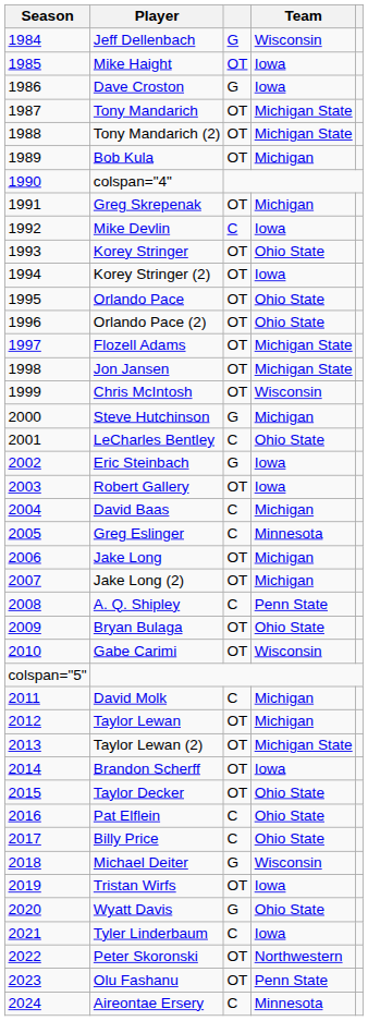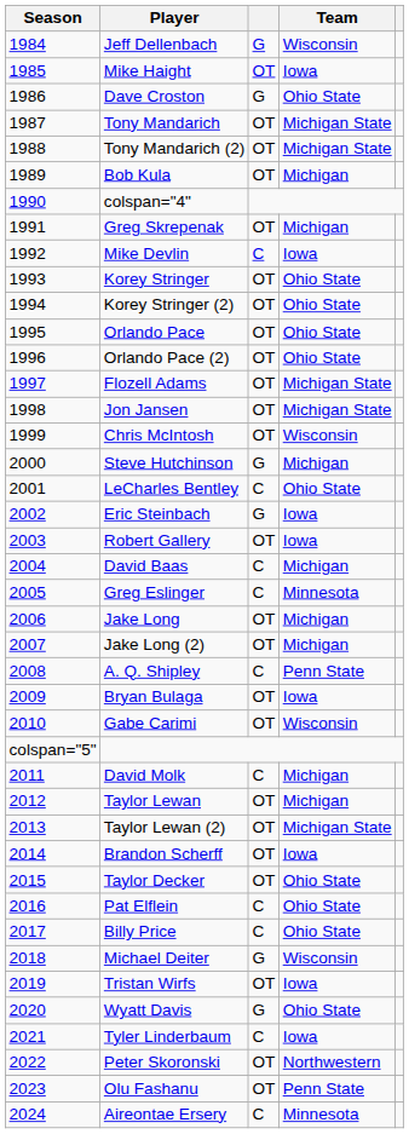 <table class="wikitable sortable">
 <tr>
 <th>Season</th>
 <th>Player</th>
 <th></th>
 <th>Team</th>
 <th></th>
 </tr>
 <tr>
 <td><a href='#'>1984</a></td>
 <td><a href='#'>Jeff Dellenbach</a></td>
 <td><a href='#'>G</a></td>
 <td><a href='#'>Wisconsin</a></td>
 <td></td>
 </tr>
 <tr>
 <td><a href='#'>1985</a></td>
 <td><a href='#'>Mike Haight</a></td>
 <td><a href='#'>OT</a></td>
 <td><a href='#'>Iowa</a></td>
 <td></td>
 </tr>
 <tr>
 <td>1986</td>
 <td><a href='#'>Dave Croston</a></td>
 <td>G</td>
-<td><a href='#'>Iowa</a></td>
+<td><a href='#'>Ohio State</a></td>
 <td></td>
 </tr>
 <tr>
 <td>1987</td>
 <td><a href='#'>Tony Mandarich</a></td>
 <td>OT</td>
 <td><a href='#'>Michigan State</a></td>
 <td></td>
 </tr>
 <tr>
 <td>1988</td>
 <td>Tony Mandarich (2)</td>
 <td>OT</td>
 <td><a href='#'>Michigan State</a></td>
 <td></td>
 </tr>
 <tr>
 <td>1989</td>
 <td><a href='#'>Bob Kula</a></td>
 <td>OT</td>
 <td><a href='#'>Michigan</a></td>
 <td></td>
 </tr>
 <tr>
 <td><a href='#'>1990</a></td>
 <td>colspan="4" </td>
 </tr>
 <tr>
 <td>1991</td>
 <td><a href='#'>Greg Skrepenak</a></td>
 <td>OT</td>
 <td><a href='#'>Michigan</a></td>
 <td></td>
 </tr>
 <tr>
 <td>1992</td>
 <td><a href='#'>Mike Devlin</a></td>
 <td><a href='#'>C</a></td>
 <td><a href='#'>Iowa</a></td>
 <td></td>
 </tr>
 <tr>
 <td>1993</td>
 <td><a href='#'>Korey Stringer</a></td>
 <td>OT</td>
 <td><a href='#'>Ohio State</a></td>
 <td></td>
 </tr>
 <tr>
 <td>1994</td>
 <td>Korey Stringer (2)</td>
 <td>OT</td>
-<td><a href='#'>Iowa</a></td>
+<td><a href='#'>Ohio State</a></td>
 <td></td>
 </tr>
 <tr>
 <td>1995</td>
 <td><a href='#'>Orlando Pace</a></td>
 <td>OT</td>
 <td><a href='#'>Ohio State</a></td>
 <td></td>
 </tr>
 <tr>
 <td>1996</td>
 <td>Orlando Pace (2)</td>
 <td>OT</td>
 <td><a href='#'>Ohio State</a></td>
 <td></td>
 </tr>
 <tr>
 <td><a href='#'>1997</a></td>
 <td><a href='#'>Flozell Adams</a></td>
 <td>OT</td>
 <td><a href='#'>Michigan State</a></td>
 <td></td>
 </tr>
 <tr>
 <td>1998</td>
 <td><a href='#'>Jon Jansen</a></td>
 <td>OT</td>
 <td><a href='#'>Michigan State</a></td>
 <td></td>
 </tr>
 <tr>
 <td>1999</td>
 <td><a href='#'>Chris McIntosh</a></td>
 <td>OT</td>
 <td><a href='#'>Wisconsin</a></td>
 <td></td>
 </tr>
 <tr>
 <td>2000</td>
 <td><a href='#'>Steve Hutchinson</a></td>
 <td>G</td>
 <td><a href='#'>Michigan</a></td>
 <td></td>
 </tr>
 <tr>
 <td>2001</td>
 <td><a href='#'>LeCharles Bentley</a></td>
 <td>C</td>
 <td><a href='#'>Ohio State</a></td>
 <td></td>
 </tr>
 <tr>
 <td><a href='#'>2002</a></td>
 <td><a href='#'>Eric Steinbach</a></td>
 <td>G</td>
 <td><a href='#'>Iowa</a></td>
 <td></td>
 </tr>
 <tr>
 <td><a href='#'>2003</a></td>
 <td><a href='#'>Robert Gallery</a></td>
 <td>OT</td>
 <td><a href='#'>Iowa</a></td>
 <td></td>
 </tr>
 <tr>
 <td><a href='#'>2004</a></td>
 <td><a href='#'>David Baas</a></td>
 <td>C</td>
 <td><a href='#'>Michigan</a></td>
 <td></td>
 </tr>
 <tr>
 <td><a href='#'>2005</a></td>
 <td><a href='#'>Greg Eslinger</a></td>
 <td>C</td>
 <td><a href='#'>Minnesota</a></td>
 <td></td>
 </tr>
 <tr>
 <td><a href='#'>2006</a></td>
 <td><a href='#'>Jake Long</a></td>
 <td>OT</td>
 <td><a href='#'>Michigan</a></td>
 <td></td>
 </tr>
 <tr>
 <td><a href='#'>2007</a></td>
 <td>Jake Long (2)</td>
 <td>OT</td>
 <td><a href='#'>Michigan</a></td>
 <td></td>
 </tr>
 <tr>
 <td><a href='#'>2008</a></td>
 <td><a href='#'>A. Q. Shipley</a></td>
 <td>C</td>
 <td><a href='#'>Penn State</a></td>
 <td></td>
 </tr>
 <tr>
 <td><a href='#'>2009</a></td>
 <td><a href='#'>Bryan Bulaga</a></td>
 <td>OT</td>
-<td><a href='#'>Ohio State</a></td>
+<td><a href='#'>Iowa</a></td>
 <td></td>
 </tr>
 <tr>
 <td><a href='#'>2010</a></td>
 <td><a href='#'>Gabe Carimi</a></td>
 <td>OT</td>
 <td><a href='#'>Wisconsin</a></td>
 <td></td>
 </tr>
 <tr>
 <td>colspan="5" </td>
 </tr>
 <tr>
 <td><a href='#'>2011</a></td>
 <td><a href='#'>David Molk</a></td>
 <td>C</td>
 <td><a href='#'>Michigan</a></td>
 <td></td>
 </tr>
 <tr>
 <td><a href='#'>2012</a></td>
 <td><a href='#'>Taylor Lewan</a></td>
 <td>OT</td>
 <td><a href='#'>Michigan</a></td>
 <td></td>
 </tr>
 <tr>
 <td><a href='#'>2013</a></td>
 <td>Taylor Lewan (2)</td>
 <td>OT</td>
 <td><a href='#'>Michigan State</a></td>
 <td></td>
 </tr>
 <tr>
 <td><a href='#'>2014</a></td>
 <td><a href='#'>Brandon Scherff</a></td>
 <td>OT</td>
 <td><a href='#'>Iowa</a></td>
 <td></td>
 </tr>
 <tr>
 <td><a href='#'>2015</a></td>
 <td><a href='#'>Taylor Decker</a></td>
 <td>OT</td>
 <td><a href='#'>Ohio State</a></td>
 <td></td>
 </tr>
 <tr>
 <td><a href='#'>2016</a></td>
 <td><a href='#'>Pat Elflein</a></td>
 <td>C</td>
 <td><a href='#'>Ohio State</a></td>
 <td></td>
 </tr>
 <tr>
 <td><a href='#'>2017</a></td>
 <td><a href='#'>Billy Price</a></td>
 <td>C</td>
 <td><a href='#'>Ohio State</a></td>
 <td></td>
 </tr>
 <tr>
 <td><a href='#'>2018</a></td>
 <td><a href='#'>Michael Deiter</a></td>
 <td>G</td>
 <td><a href='#'>Wisconsin</a></td>
 <td></td>
 </tr>
 <tr>
 <td><a href='#'>2019</a></td>
 <td><a href='#'>Tristan Wirfs</a></td>
 <td>OT</td>
 <td><a href='#'>Iowa</a></td>
 <td></td>
 </tr>
 <tr>
 <td><a href='#'>2020</a></td>
 <td><a href='#'>Wyatt Davis</a></td>
 <td>G</td>
 <td><a href='#'>Ohio State</a></td>
 <td></td>
 </tr>
 <tr>
 <td><a href='#'>2021</a></td>
 <td><a href='#'>Tyler Linderbaum</a></td>
 <td>C</td>
 <td><a href='#'>Iowa</a></td>
 <td></td>
 </tr>
 <tr>
 <td><a href='#'>2022</a></td>
 <td><a href='#'>Peter Skoronski</a></td>
 <td>OT</td>
 <td><a href='#'>Northwestern</a></td>
 <td></td>
 </tr>
 <tr>
 <td><a href='#'>2023</a></td>
 <td><a href='#'>Olu Fashanu</a></td>
 <td>OT</td>
 <td><a href='#'>Penn State</a></td>
 <td></td>
 </tr>
 <tr>
 <td><a href='#'>2024</a></td>
 <td><a href='#'>Aireontae Ersery</a></td>
 <td>C</td>
 <td><a href='#'>Minnesota</a></td>
 <td></td>
 </tr>
 </table>
